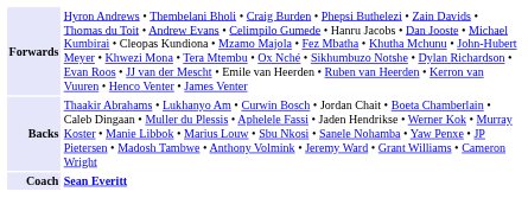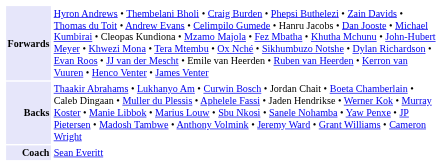 <table cellpadding="2" style="border: 1px solid white; font-size:90%;">
 <tr>
 <td style="text-align:right;" bgcolor="lavender"><strong>Forwards</strong></td>
 <td style="text-align:left;"><a href='#'>Hyron Andrews</a> • <a href='#'>Thembelani Bholi</a> • <a href='#'>Craig Burden</a> • <a href='#'>Phepsi Buthelezi</a> • <a href='#'>Zain Davids</a> • <a href='#'>Thomas du Toit</a> • <a href='#'>Andrew Evans</a> • <a href='#'>Celimpilo Gumede</a> • Hanru Jacobs • <a href='#'>Dan Jooste</a> • <a href='#'>Michael Kumbirai</a> • Cleopas Kundiona • <a href='#'>Mzamo Majola</a> • <a href='#'>Fez Mbatha</a> • <a href='#'>Khutha Mchunu</a> • <a href='#'>John-Hubert Meyer</a> • <a href='#'>Khwezi Mona</a> • <a href='#'>Tera Mtembu</a> • <a href='#'>Ox Nché</a> • <a href='#'>Sikhumbuzo Notshe</a> • <a href='#'>Dylan Richardson</a> • <a href='#'>Evan Roos</a> • <a href='#'>JJ van der Mescht</a> • Emile van Heerden • <a href='#'>Ruben van Heerden</a> • <a href='#'>Kerron van Vuuren</a> • <a href='#'>Henco Venter</a> • <a href='#'>James Venter</a></td>
 </tr>
 <tr>
 <td style="text-align:right;" bgcolor="lavender"><strong>Backs</strong></td>
 <td style="text-align:left;"><a href='#'>Thaakir Abrahams</a> • <a href='#'>Lukhanyo Am</a> • <a href='#'>Curwin Bosch</a> • Jordan Chait • <a href='#'>Boeta Chamberlain</a> • Caleb Dingaan • <a href='#'>Muller du Plessis</a> • <a href='#'>Aphelele Fassi</a> • Jaden Hendrikse • <a href='#'>Werner Kok</a> • <a href='#'>Murray Koster</a> • <a href='#'>Manie Libbok</a> • <a href='#'>Marius Louw</a> • <a href='#'>Sbu Nkosi</a> • <a href='#'>Sanele Nohamba</a> • <a href='#'>Yaw Penxe</a> • <a href='#'>JP Pietersen</a> • <a href='#'>Madosh Tambwe</a> • <a href='#'>Anthony Volmink</a> • <a href='#'>Jeremy Ward</a> • <a href='#'>Grant Williams</a> • <a href='#'>Cameron Wright</a></td>
 </tr>
 <tr>
 <td style="text-align:right;" bgcolor="lavender"><strong>Coach</strong></td>
-<td style="text-align:left;"><strong><a href='#'>Sean Everitt</a></strong></td>
+<td style="text-align:left;"><a href='#'>Sean Everitt</a></td>
 </tr>
 </table>
